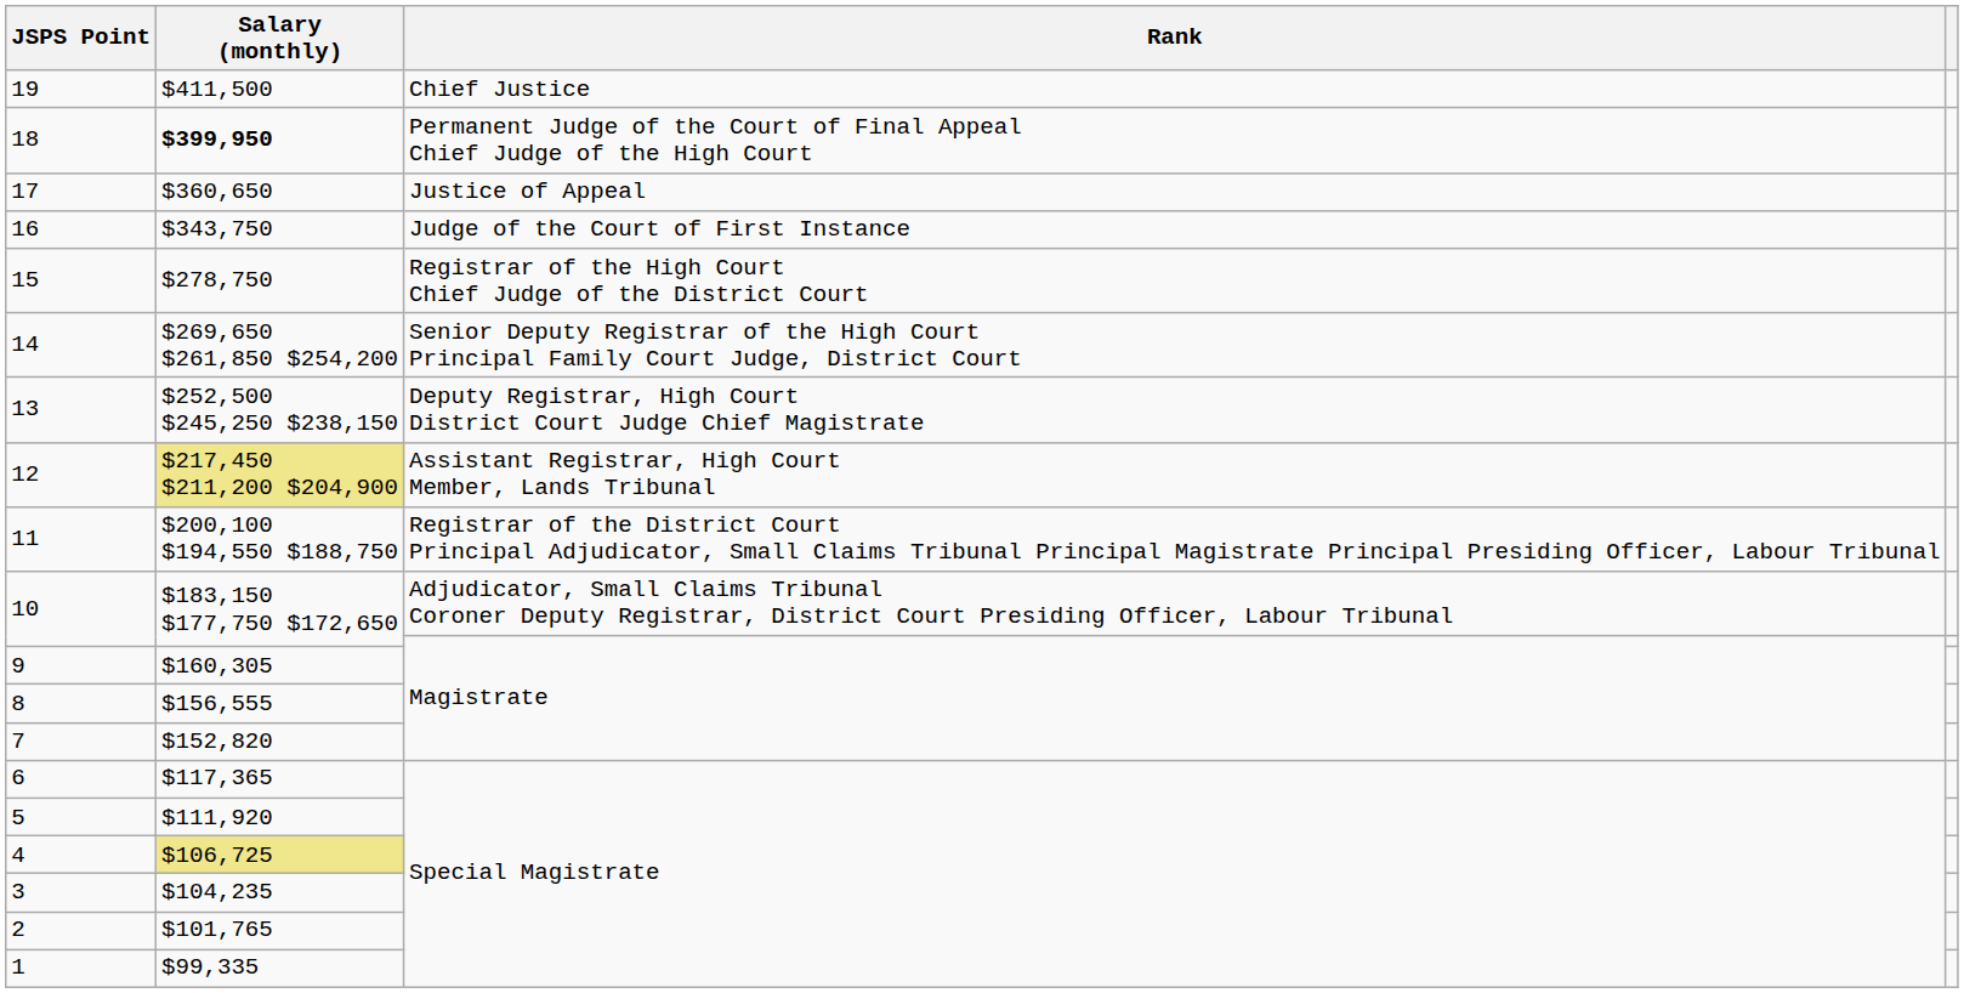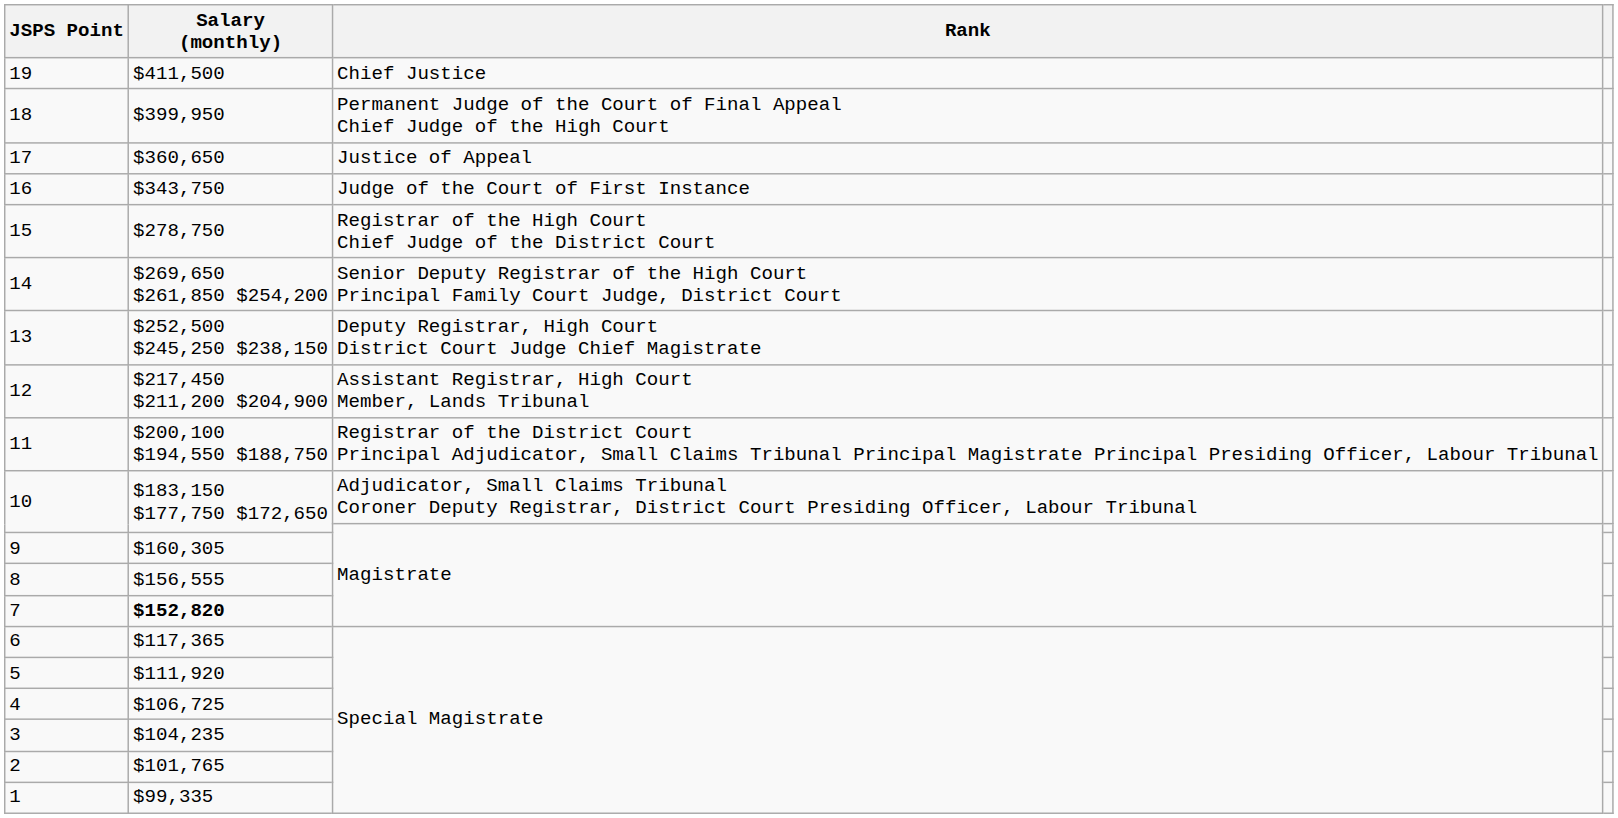 <table class="wikitable">
 <tr>
 <th>JSPS Point</th>
 <th>Salary<br>(monthly)</th>
 <th>Rank</th>
 <th></th>
 </tr>
 <tr>
 <td>19</td>
 <td>$411,500</td>
 <td>Chief Justice</td>
 <td></td>
 </tr>
 <tr>
 <td>18</td>
-<td><strong>$399,950</strong></td>
+<td>$399,950</td>
 <td>Permanent Judge of the Court of Final Appeal<br>Chief Judge of the High Court</td>
 <td></td>
 </tr>
 <tr>
 <td>17</td>
 <td>$360,650</td>
 <td>Justice of Appeal</td>
 <td></td>
 </tr>
 <tr>
 <td>16</td>
 <td>$343,750</td>
 <td>Judge of the Court of First Instance</td>
 <td></td>
 </tr>
 <tr>
 <td>15</td>
 <td>$278,750</td>
 <td>Registrar of the High Court<br>Chief Judge of the District Court</td>
 <td></td>
 </tr>
 <tr>
 <td>14</td>
 <td>$269,650<br>$261,850 $254,200</td>
 <td>Senior Deputy Registrar of the High Court<br>Principal Family Court Judge, District Court</td>
 <td></td>
 </tr>
 <tr>
 <td>13</td>
 <td>$252,500<br>$245,250 $238,150</td>
 <td>Deputy Registrar, High Court<br>District Court Judge Chief Magistrate</td>
 <td></td>
 </tr>
 <tr>
 <td>12</td>
-<td style="background: khaki;">$217,450<br>$211,200 $204,900</td>
+<td>$217,450<br>$211,200 $204,900</td>
 <td>Assistant Registrar, High Court<br>Member, Lands Tribunal</td>
 <td></td>
 </tr>
 <tr>
 <td>11</td>
 <td>$200,100<br>$194,550 $188,750</td>
 <td>Registrar of the District Court<br>Principal Adjudicator, Small Claims Tribunal Principal Magistrate Principal Presiding Officer, Labour Tribunal</td>
 <td></td>
 </tr>
 <tr>
 <td rowspan="2">10</td>
 <td rowspan="2">$183,150<br>$177,750 $172,650</td>
 <td>Adjudicator, Small Claims Tribunal<br>Coroner Deputy Registrar, District Court Presiding Officer, Labour Tribunal</td>
 <td></td>
 </tr>
 <tr>
 <td rowspan="4">Magistrate</td>
 <td></td>
 </tr>
 <tr>
 <td>9</td>
 <td>$160,305</td>
 <td></td>
 </tr>
 <tr>
 <td>8</td>
 <td>$156,555</td>
 <td></td>
 </tr>
 <tr>
 <td>7</td>
-<td>$152,820</td>
+<td><strong>$152,820</strong></td>
 <td></td>
 </tr>
 <tr>
 <td>6</td>
 <td>$117,365</td>
 <td rowspan="6">Special Magistrate</td>
 <td></td>
 </tr>
 <tr>
 <td>5</td>
 <td>$111,920</td>
 <td></td>
 </tr>
 <tr>
 <td>4</td>
-<td style="background: khaki;">$106,725</td>
+<td>$106,725</td>
 <td></td>
 </tr>
 <tr>
 <td>3</td>
 <td>$104,235</td>
 <td></td>
 </tr>
 <tr>
 <td>2</td>
 <td>$101,765</td>
 <td></td>
 </tr>
 <tr>
 <td>1</td>
 <td>$99,335</td>
 <td></td>
 </tr>
 </table>
